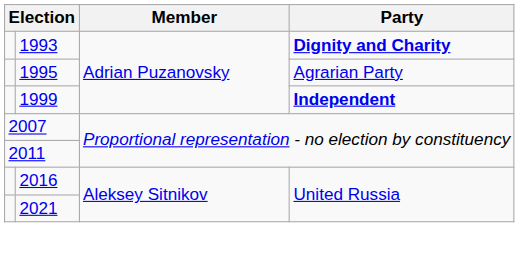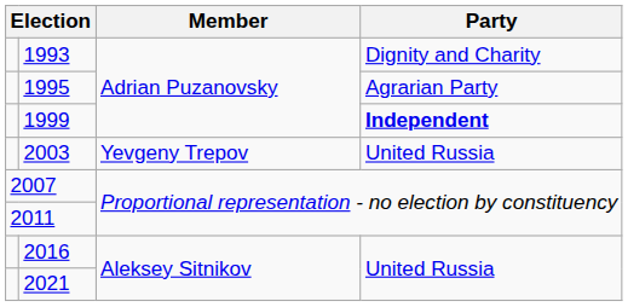 <table class="wikitable">
 <tr>
 <th colspan="2">Election</th>
 <th>Member</th>
 <th>Party</th>
 </tr>
 <tr>
 <td style="background-color:"></td>
 <td><a href='#'>1993</a></td>
 <td rowspan=3><a href='#'>Adrian Puzanovsky</a></td>
-<td><strong><a href='#'>Dignity and Charity</a></strong></td>
+<td><a href='#'>Dignity and Charity</a></td>
 </tr>
 <tr>
 <td style="background-color:"></td>
 <td><a href='#'>1995</a></td>
 <td><a href='#'>Agrarian Party</a></td>
 </tr>
 <tr>
 <td style="background-color: "></td>
 <td><a href='#'>1999</a></td>
 <td><strong><a href='#'>Independent</a></strong></td>
+</tr>
+<tr>
+<td style="background-color: "></td>
+<td><a href='#'>2003</a></td>
+<td><a href='#'>Yevgeny Trepov</a></td>
+<td><a href='#'>United Russia</a></td>
 </tr>
 <tr>
 <td colspan=2><a href='#'>2007</a></td>
 <td colspan=2 rowspan=2><em><a href='#'>Proportional representation</a> - no election by constituency</em></td>
 </tr>
 <tr>
 <td colspan=2><a href='#'>2011</a></td>
 </tr>
 <tr>
 <td style="background-color: "></td>
 <td><a href='#'>2016</a></td>
 <td rowspan=2><a href='#'>Aleksey Sitnikov</a></td>
 <td rowspan=2><a href='#'>United Russia</a></td>
 </tr>
 <tr>
 <td style="background-color: "></td>
 <td><a href='#'>2021</a></td>
 </tr>
 </table>
